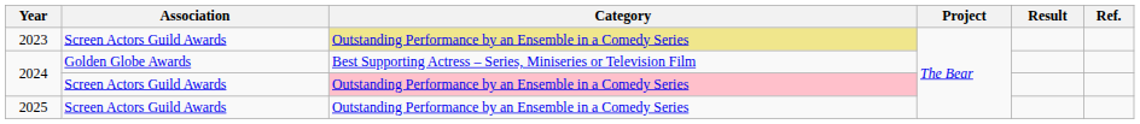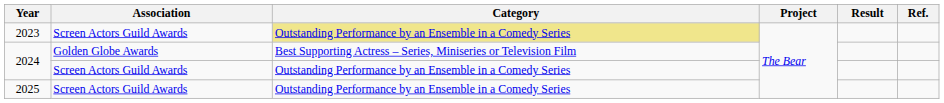 <table class="wikitable" width="100%">
 <tr>
 <th>Year</th>
 <th>Association</th>
 <th>Category</th>
 <th>Project</th>
 <th>Result</th>
 <th>Ref.</th>
 </tr>
 <tr>
 <td align="center">2023</td>
 <td><a href='#'>Screen Actors Guild Awards</a></td>
 <td style="background: khaki;"><a href='#'>Outstanding Performance by an Ensemble in a Comedy Series</a></td>
 <td rowspan="4"><em><a href='#'>The Bear</a></em></td>
 <td></td>
 <td align="center"></td>
 </tr>
 <tr>
 <td rowspan="2" align="center">2024</td>
 <td><a href='#'>Golden Globe Awards</a></td>
 <td><a href='#'>Best Supporting Actress – Series, Miniseries or Television Film</a></td>
 <td></td>
 <td align="center"></td>
 </tr>
 <tr>
 <td><a href='#'>Screen Actors Guild Awards</a></td>
-<td style="background: pink;"><a href='#'>Outstanding Performance by an Ensemble in a Comedy Series</a></td>
+<td><a href='#'>Outstanding Performance by an Ensemble in a Comedy Series</a></td>
 <td></td>
 <td align="center"></td>
 </tr>
 <tr>
 <td align="center">2025</td>
 <td><a href='#'>Screen Actors Guild Awards</a></td>
 <td><a href='#'>Outstanding Performance by an Ensemble in a Comedy Series</a></td>
 <td></td>
 <td></td>
 </tr>
 </table>
